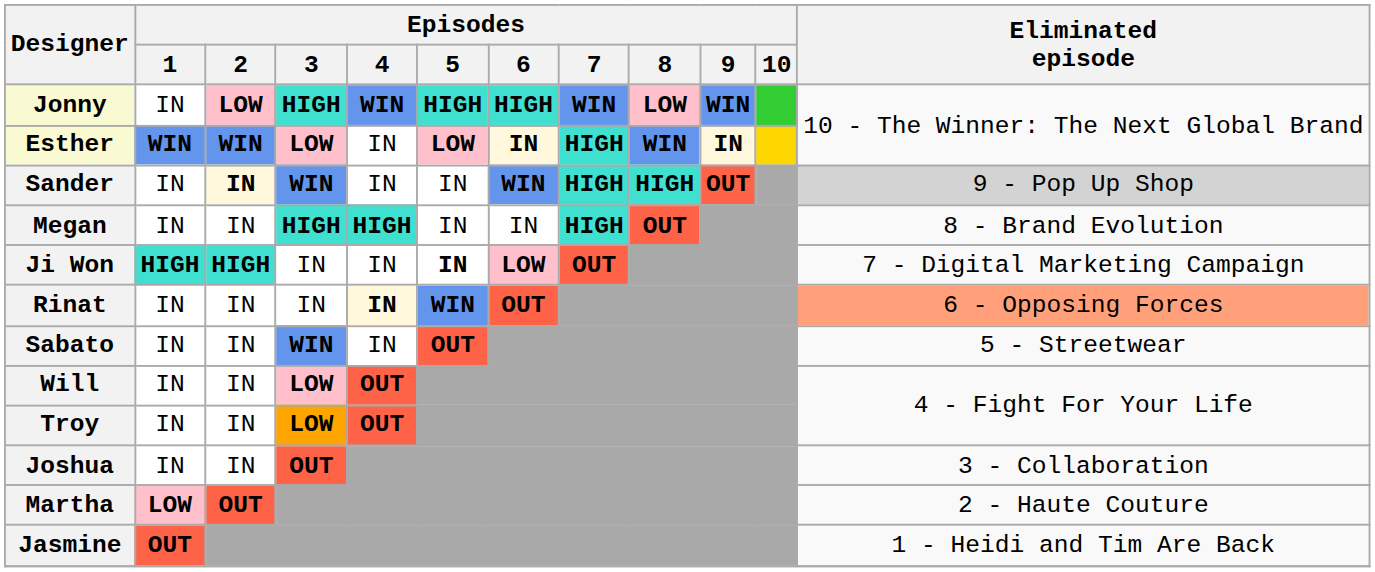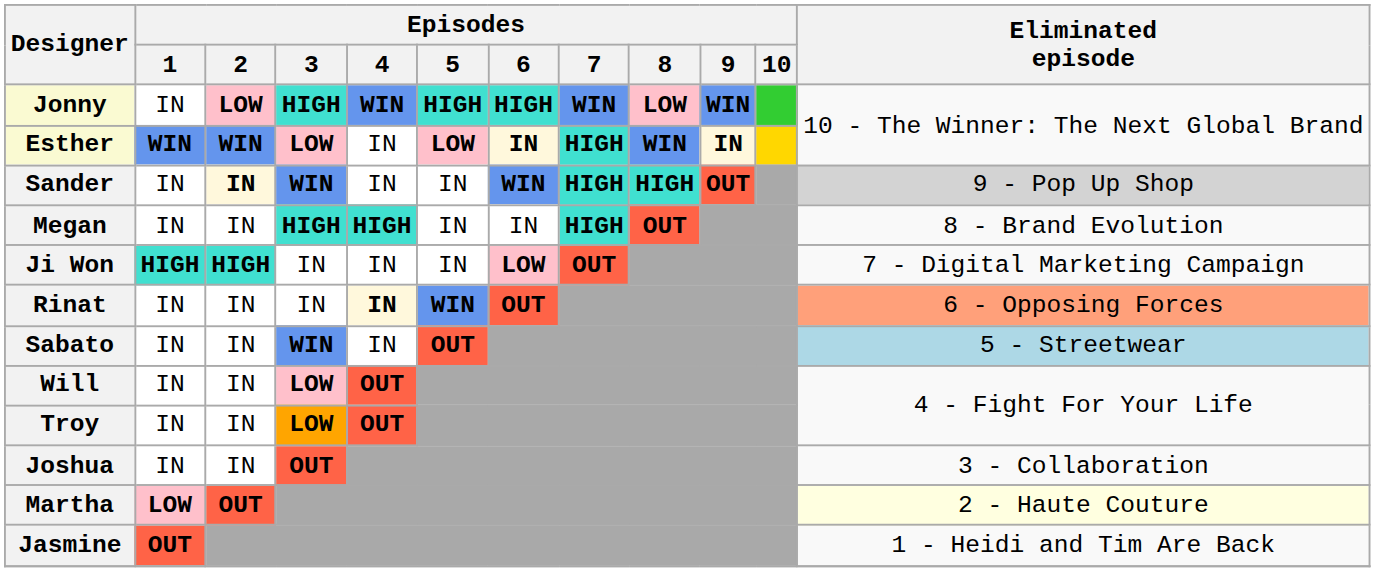 <table class="wikitable" style="text-align:center">
 <tr>
 <th rowspan="2">Designer</th>
 <th colspan="10">Episodes</th>
 <th rowspan="2">Eliminated<br> episode</th>
 </tr>
 <tr>
 <th>1</th>
 <th>2</th>
 <th>3</th>
 <th>4</th>
 <th>5</th>
 <th>6</th>
 <th>7</th>
 <th>8</th>
 <th>9</th>
 <th>10</th>
 </tr>
 <tr>
 <th style="background:#FAFAD2;">Jonny</th>
 <td style="background:white;">IN</td>
 <td style="background:pink;"><strong>LOW</strong></td>
 <td style="background:turquoise;"><strong>HIGH</strong></td>
 <td style="background:cornflowerblue;"><strong>WIN</strong></td>
 <td style="background:turquoise;"><strong>HIGH</strong></td>
 <td style="background:turquoise;"><strong>HIGH</strong></td>
 <td style="background:cornflowerblue;"><strong>WIN</strong></td>
 <td style="background:pink;"><strong>LOW</strong></td>
 <td style="background:cornflowerblue;"><strong>WIN</strong></td>
 <td style="background:limegreen;"></td>
 <td rowspan="2">10 - The Winner: The Next Global Brand</td>
 </tr>
 <tr>
 <th style="background:#FAFAD2;">Esther</th>
 <td style="background:cornflowerblue;"><strong>WIN</strong></td>
 <td style="background:cornflowerblue;"><strong>WIN</strong></td>
 <td style="background:pink;"><strong>LOW</strong></td>
 <td style="background:white;">IN</td>
 <td style="background:pink;"><strong>LOW</strong></td>
 <td style="background:cornsilk;"><strong> IN </strong></td>
 <td style="background:turquoise;"><strong>HIGH</strong></td>
 <td style="background:cornflowerblue;"><strong>WIN</strong></td>
 <td style="background:cornsilk;"><strong> IN </strong></td>
 <td style="background:gold;"></td>
 </tr>
 <tr>
 <th>Sander</th>
 <td style="background:white;">IN</td>
 <td style="background:cornsilk;"><strong> IN </strong></td>
 <td style="background:cornflowerblue;"><strong>WIN</strong></td>
 <td style="background:white;">IN</td>
 <td style="background:white;">IN</td>
 <td style="background:cornflowerblue;"><strong>WIN</strong></td>
 <td style="background:turquoise;"><strong>HIGH</strong></td>
 <td style="background:turquoise;"><strong>HIGH</strong></td>
 <td style="background:tomato;"><strong>OUT</strong></td>
 <td style="background:darkgrey;" colspan="1"></td>
 <td style="background: lightgrey;">9 - Pop Up Shop</td>
 </tr>
 <tr>
 <th>Megan</th>
 <td style="background:white;">IN</td>
 <td style="background:white;">IN</td>
 <td style="background:turquoise;"><strong>HIGH</strong></td>
 <td style="background:turquoise;"><strong>HIGH</strong></td>
 <td style="background:white;">IN</td>
 <td style="background:white;">IN</td>
 <td style="background:turquoise;"><strong>HIGH</strong></td>
 <td style="background:tomato;"><strong>OUT</strong></td>
 <td style="background:darkgrey;" colspan="2"></td>
 <td>8 - Brand Evolution</td>
 </tr>
 <tr>
 <th>Ji Won</th>
 <td style="background:turquoise;"><strong>HIGH</strong></td>
 <td style="background:turquoise;"><strong>HIGH</strong></td>
 <td style="background:white;">IN</td>
 <td style="background:white;">IN</td>
-<td style="background:white;"><strong>IN</strong></td>
+<td style="background:white;">IN</td>
 <td style="background:pink;"><strong>LOW</strong></td>
 <td style="background:tomato;"><strong>OUT</strong></td>
 <td style="background:darkgrey;" colspan="3"></td>
 <td>7 - Digital Marketing Campaign</td>
 </tr>
 <tr>
 <th>Rinat</th>
 <td style="background:white;">IN</td>
 <td style="background:white;">IN</td>
 <td style="background:white;">IN</td>
 <td style="background:cornsilk;"><strong> IN </strong></td>
 <td style="background:cornflowerblue;"><strong>WIN</strong></td>
 <td style="background:tomato;"><strong>OUT</strong></td>
 <td style="background:darkgrey;" colspan="4"></td>
 <td style="background: lightsalmon;">6 - Opposing Forces</td>
 </tr>
 <tr>
 <th>Sabato</th>
 <td style="background:white;">IN</td>
 <td style="background:white;">IN</td>
 <td style="background:cornflowerblue;"><strong>WIN</strong></td>
 <td style="background:white;">IN</td>
 <td style="background:tomato;"><strong>OUT</strong></td>
 <td style="background:darkgrey;" colspan="5"></td>
-<td>5 - Streetwear</td>
+<td style="background: lightblue;">5 - Streetwear</td>
 </tr>
 <tr>
 <th>Will</th>
 <td style="background:white;">IN</td>
 <td style="background:white;">IN</td>
 <td style="background:pink;"><strong>LOW</strong></td>
 <td style="background:tomato;"><strong>OUT</strong></td>
 <td style="background:darkgrey;" colspan="6"></td>
 <td rowspan="2">4 - Fight For Your Life</td>
 </tr>
 <tr>
 <th>Troy</th>
 <td style="background:white;">IN</td>
 <td style="background:white;">IN</td>
 <td style="background:orange;"><strong>LOW</strong></td>
 <td style="background:tomato;"><strong>OUT</strong></td>
 <td style="background:darkgrey;" colspan="6"></td>
 </tr>
 <tr>
 <th>Joshua</th>
 <td style="background:white;">IN</td>
 <td style="background:white;">IN</td>
 <td style="background:tomato;"><strong>OUT</strong></td>
 <td style="background:darkgrey;" colspan="7"></td>
 <td>3 - Collaboration</td>
 </tr>
 <tr>
 <th>Martha</th>
 <td style="background:pink;"><strong>LOW</strong></td>
 <td style="background:tomato;"><strong>OUT</strong></td>
 <td style="background:darkgrey;" colspan="8"></td>
-<td>2 - Haute Couture</td>
+<td style="background: lightyellow;">2 - Haute Couture</td>
 </tr>
 <tr>
 <th>Jasmine</th>
 <td style="background:tomato;"><strong>OUT</strong></td>
 <td style="background:darkgrey;" colspan="9"></td>
 <td>1 - Heidi and Tim Are Back</td>
 </tr>
 <tr>
 </tr>
 </table>
